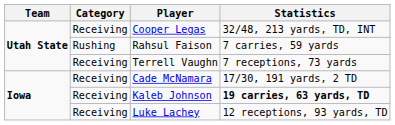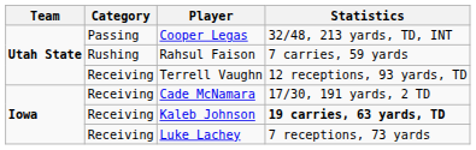 <table class="wikitable" style="float: right;">
 <tr>
 <th>Team</th>
 <th>Category</th>
 <th>Player</th>
 <th>Statistics</th>
 </tr>
 <tr>
 <td rowspan=3><strong>Utah State</strong></td>
-<td>Receiving</td>
+<td>Passing</td>
 <td><a href='#'>Cooper Legas</a></td>
 <td>32/48, 213 yards, TD, INT</td>
 </tr>
 <tr>
 <td>Rushing</td>
 <td>Rahsul Faison</td>
 <td>7 carries, 59 yards</td>
 </tr>
 <tr>
 <td>Receiving</td>
 <td>Terrell Vaughn</td>
-<td>7 receptions, 73 yards</td>
+<td>12 receptions, 93 yards, TD</td>
 </tr>
 <tr>
 <td rowspan=3><strong>Iowa</strong></td>
 <td>Receiving</td>
 <td><a href='#'>Cade McNamara</a></td>
 <td>17/30, 191 yards, 2 TD</td>
 </tr>
 <tr>
 <td>Receiving</td>
 <td><a href='#'>Kaleb Johnson</a></td>
 <td><strong>19 carries, 63 yards, TD</strong></td>
 </tr>
 <tr>
 <td>Receiving</td>
 <td><a href='#'>Luke Lachey</a></td>
-<td>12 receptions, 93 yards, TD</td>
+<td>7 receptions, 73 yards</td>
 </tr>
 </table>
